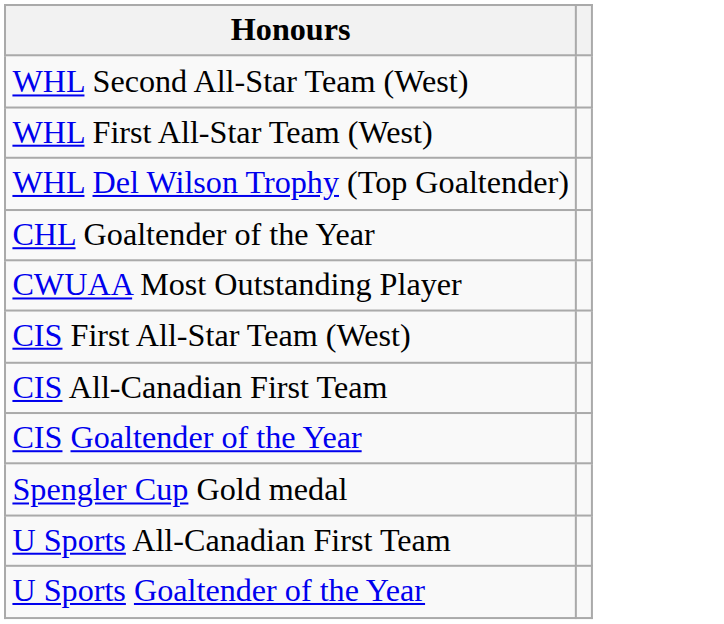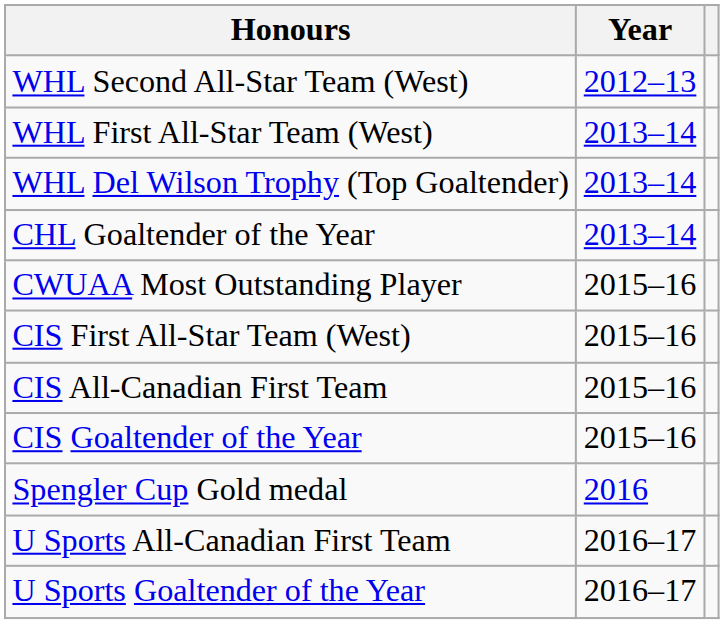 <table class="wikitable">
 <tr>
 <th>Honours</th>
+<th>Year</th>
 <th></th>
 </tr>
 <tr>
 <td><a href='#'>WHL</a> Second All-Star Team (West)</td>
+<td><a href='#'>2012–13</a></td>
 <td></td>
 </tr>
 <tr>
 <td><a href='#'>WHL</a> First All-Star Team (West)</td>
+<td><a href='#'>2013–14</a></td>
 <td></td>
 </tr>
 <tr>
 <td><a href='#'>WHL</a> <a href='#'>Del Wilson Trophy</a> (Top Goaltender)</td>
+<td><a href='#'>2013–14</a></td>
 <td></td>
 </tr>
 <tr>
 <td><a href='#'>CHL</a> Goaltender of the Year</td>
+<td><a href='#'>2013–14</a></td>
 <td></td>
 </tr>
 <tr>
 <td><a href='#'>CWUAA</a> Most Outstanding Player</td>
+<td>2015–16</td>
 <td></td>
 </tr>
 <tr>
 <td><a href='#'>CIS</a> First All-Star Team (West)</td>
+<td>2015–16</td>
 <td></td>
 </tr>
 <tr>
 <td><a href='#'>CIS</a> All-Canadian First Team</td>
+<td>2015–16</td>
 <td></td>
 </tr>
 <tr>
 <td><a href='#'>CIS</a> <a href='#'>Goaltender of the Year</a></td>
+<td>2015–16</td>
 <td></td>
 </tr>
 <tr>
 <td><a href='#'>Spengler Cup</a> Gold medal</td>
+<td><a href='#'>2016</a></td>
 <td></td>
 </tr>
 <tr>
 <td><a href='#'>U Sports</a> All-Canadian First Team</td>
+<td>2016–17</td>
 <td></td>
 </tr>
 <tr>
 <td><a href='#'>U Sports</a> <a href='#'>Goaltender of the Year</a></td>
+<td>2016–17</td>
 <td></td>
 </tr>
 </table>
